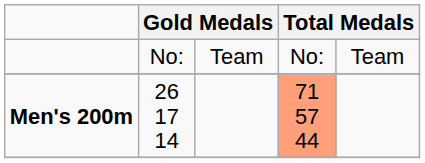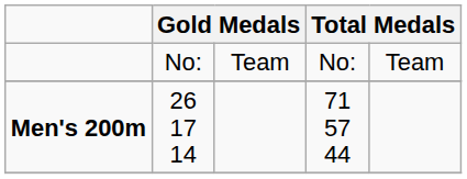 <table class="wikitable" style="text-align: center; font-size:95%;">
 <tr>
 <td></td>
 <th colspan=2>Gold Medals</th>
 <th colspan=2>Total Medals</th>
 </tr>
 <tr>
 <td></td>
 <td>No:</td>
 <td>Team</td>
 <td>No:</td>
 <td>Team</td>
 </tr>
 <tr>
 </tr>
 <tr>
 <td><strong>Men's 200m</strong></td>
 <td>26 <br> 17 <br> 14</td>
 <td align="left"> <br>  <br> </td>
-<td style="background: lightsalmon;">71 <br> 57 <br> 44</td>
+<td>71 <br> 57 <br> 44</td>
 <td align="left"> <br>  <br> </td>
 </tr>
 <tr>
 </tr>
 </table>
